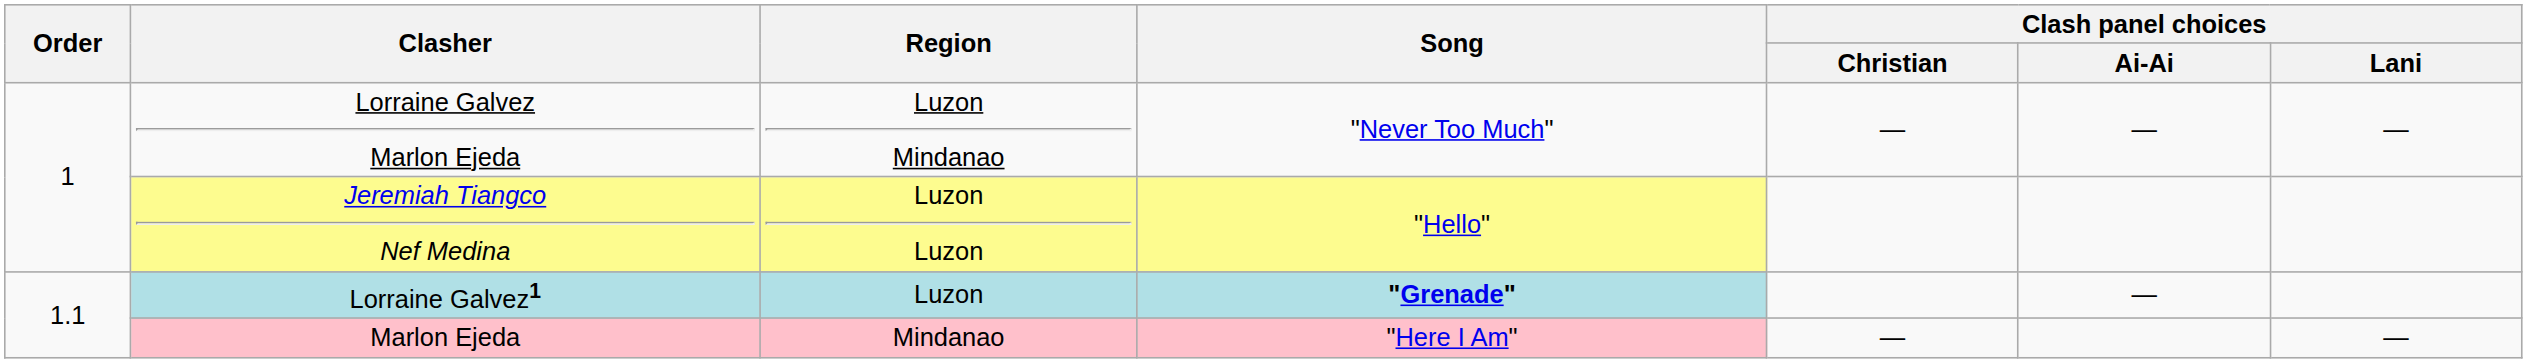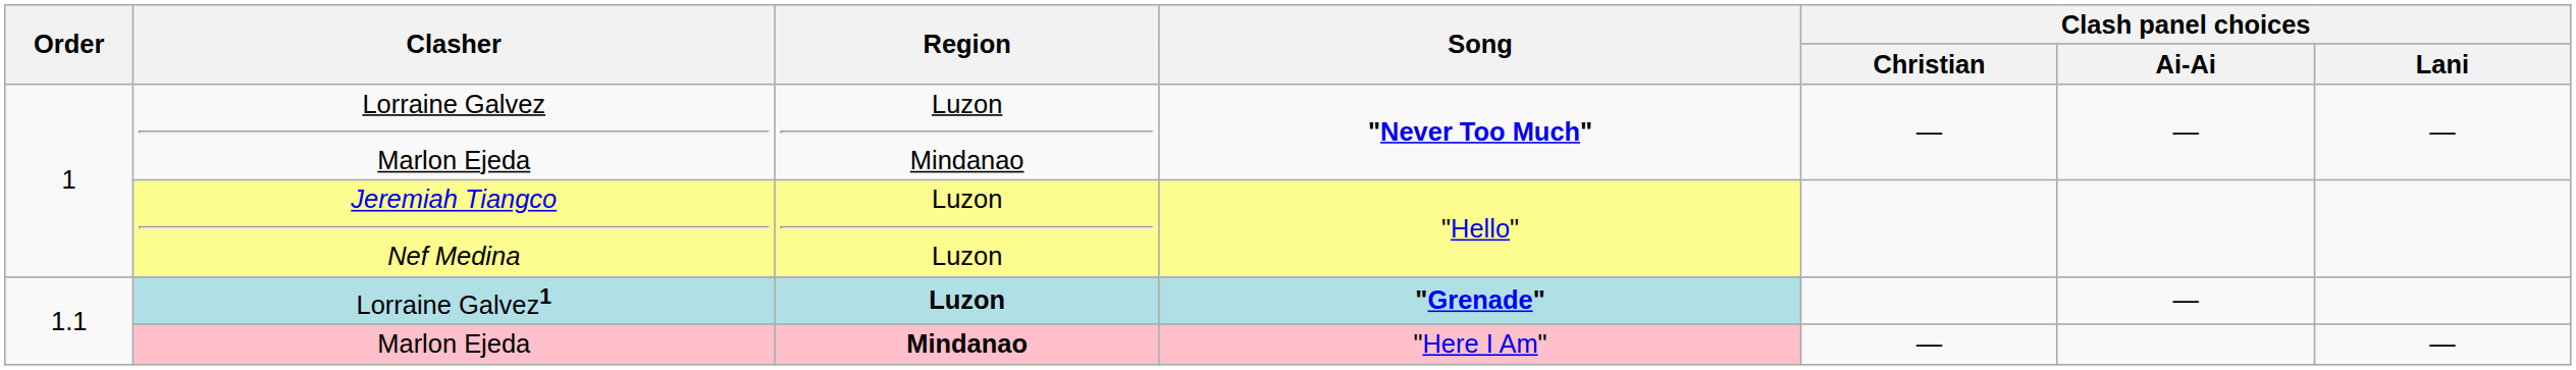 <table class="wikitable" style="text-align:center; line-height:17px; width:100%;">
 <tr>
 <th rowspan="2" width="5%">Order</th>
 <th rowspan="2" width="25%">Clasher</th>
 <th rowspan="2">Region</th>
 <th rowspan="2" width="25%">Song</th>
 <th colspan="3" width="30%">Clash panel choices</th>
 </tr>
 <tr>
 <th width="10%">Christian</th>
 <th width="10%">Ai-Ai</th>
 <th width="10%">Lani</th>
 </tr>
 <tr>
 <td rowspan="2">1</td>
 <td><u>Lorraine Galvez</u><hr><u>Marlon Ejeda</u></td>
 <td><u>Luzon</u><hr><u>Mindanao</u></td>
-<td>"<a href='#'>Never Too Much</a>"</td>
+<td><strong>"<a href='#'>Never Too Much</a>"</strong></td>
 <td>—</td>
 <td>—</td>
 <td>—</td>
 </tr>
 <tr>
 <td style="background:#fdfc8f;"><em><a href='#'>Jeremiah Tiangco</a></em><hr><em>Nef Medina</em></td>
 <td style="background:#fdfc8f;">Luzon<hr>Luzon</td>
 <td style="background:#fdfc8f;">"<a href='#'>Hello</a>"</td>
 <td><strong></strong></td>
 <td><strong></strong></td>
 <td><strong></strong></td>
 </tr>
 <tr>
 <td rowspan="2">1.1</td>
 <td style="background:#b0e0e6;">Lorraine Galvez<sup><strong>1</strong></sup></td>
-<td style="background:#b0e0e6;">Luzon</td>
+<td style="background:#b0e0e6;"><strong>Luzon</strong></td>
 <td style="background:#b0e0e6;"><strong>"<a href='#'>Grenade</a>"</strong></td>
 <td><strong></strong></td>
 <td>—</td>
 <td><strong></strong></td>
 </tr>
 <tr>
 <td style="background:pink;">Marlon Ejeda</td>
-<td style="background:pink;">Mindanao</td>
+<td style="background:pink;"><strong>Mindanao</strong></td>
 <td style="background:pink;">"<a href='#'>Here I Am</a>"</td>
 <td>—</td>
 <td><strong></strong></td>
 <td>—</td>
 </tr>
 </table>
